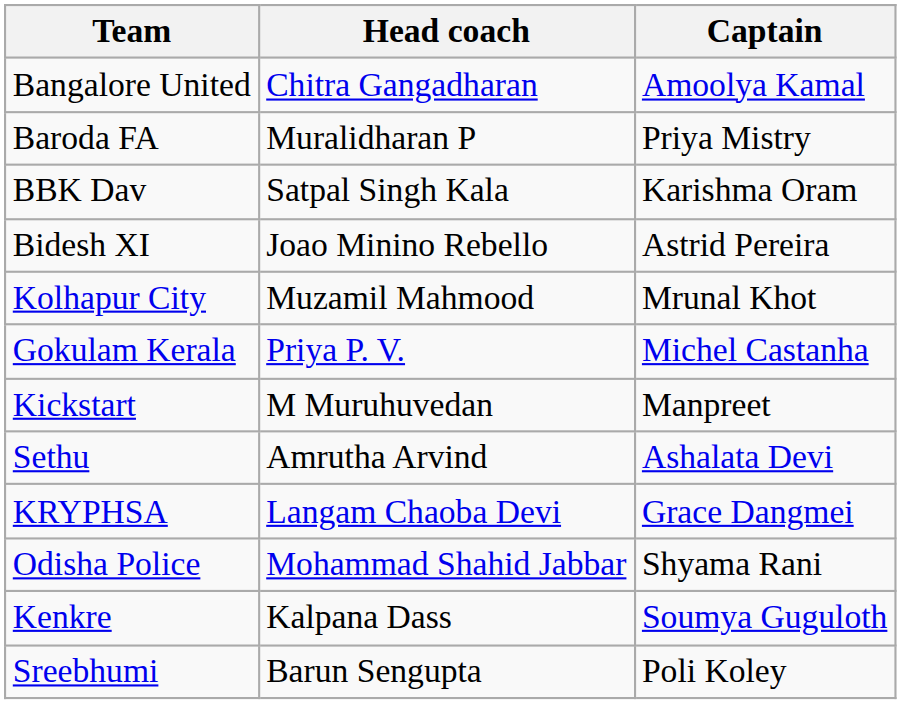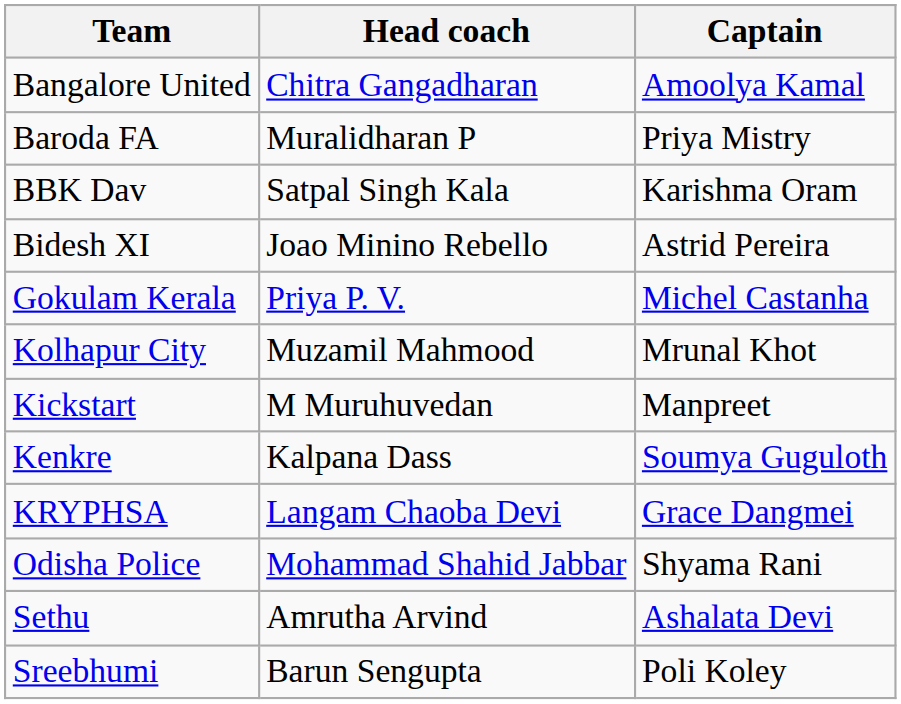 <table class="wikitable sortable" style="text-align: left">
 <tr>
 <th>Team</th>
 <th>Head coach</th>
 <th>Captain</th>
 </tr>
 <tr>
 <td>Bangalore United</td>
 <td> <a href='#'>Chitra Gangadharan</a></td>
 <td> <a href='#'>Amoolya Kamal</a></td>
 </tr>
 <tr>
 <td>Baroda FA</td>
 <td> Muralidharan P</td>
 <td> Priya Mistry</td>
 </tr>
 <tr>
 <td>BBK Dav</td>
 <td> Satpal Singh Kala</td>
 <td> Karishma Oram</td>
 </tr>
 <tr>
 <td>Bidesh XI</td>
 <td> Joao Minino Rebello</td>
 <td> Astrid Pereira</td>
 </tr>
 <tr>
+<td><a href='#'>Gokulam Kerala</a></td>
+<td> <a href='#'>Priya P. V.</a></td>
+<td> <a href='#'>Michel Castanha</a></td>
+</tr>
+<tr>
 <td><a href='#'>Kolhapur City</a></td>
 <td> Muzamil Mahmood</td>
 <td> Mrunal Khot</td>
-</tr>
-<tr>
-<td><a href='#'>Gokulam Kerala</a></td>
-<td> <a href='#'>Priya P. V.</a></td>
-<td> <a href='#'>Michel Castanha</a></td>
 </tr>
 <tr>
 <td><a href='#'>Kickstart</a></td>
 <td> M Muruhuvedan</td>
 <td> Manpreet</td>
 </tr>
 <tr>
-<td><a href='#'>Sethu</a></td>
-<td> Amrutha Arvind</td>
-<td> <a href='#'>Ashalata Devi</a></td>
+<td><a href='#'>Kenkre</a></td>
+<td> Kalpana Dass</td>
+<td> <a href='#'>Soumya Guguloth</a></td>
 </tr>
 <tr>
 <td><a href='#'>KRYPHSA</a></td>
 <td> <a href='#'>Langam Chaoba Devi</a></td>
 <td> <a href='#'>Grace Dangmei</a></td>
 </tr>
 <tr>
 <td><a href='#'>Odisha Police</a></td>
 <td> <a href='#'>Mohammad Shahid Jabbar</a></td>
 <td> Shyama Rani</td>
 </tr>
 <tr>
-<td><a href='#'>Kenkre</a></td>
-<td> Kalpana Dass</td>
-<td> <a href='#'>Soumya Guguloth</a></td>
+<td><a href='#'>Sethu</a></td>
+<td> Amrutha Arvind</td>
+<td> <a href='#'>Ashalata Devi</a></td>
 </tr>
 <tr>
 <td><a href='#'>Sreebhumi</a></td>
 <td> Barun Sengupta</td>
 <td> Poli Koley</td>
 </tr>
 </table>
